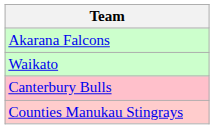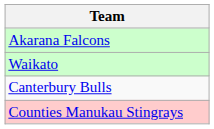 <table class="wikitable" style="text-align:left; margin: 1em auto;">
 <tr>
 <th width=210>Team</th>
 </tr>
 <tr style="background: #ccffcc;">
 <td style="text-align:left;"><a href='#'>Akarana Falcons</a></td>
 </tr>
 <tr style="background: #ccffcc;">
 <td style="text-align:left;"><a href='#'>Waikato</a></td>
 </tr>
 <tr>
-<td style="background: pink; text-align:left;"><a href='#'>Canterbury Bulls</a></td>
+<td style="text-align:left;"><a href='#'>Canterbury Bulls</a></td>
 </tr>
 <tr style="background: #FFCCCC">
 <td style="text-align:left;"><a href='#'>Counties Manukau Stingrays</a></td>
 </tr>
 </table>
